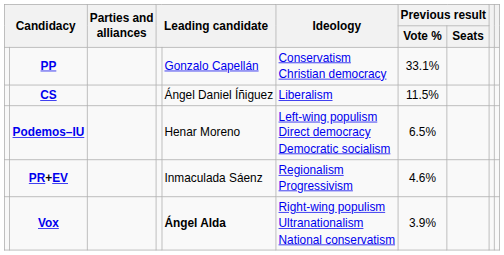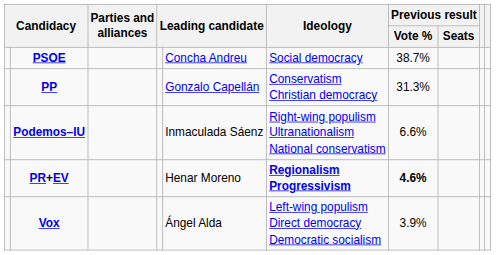 <table class="wikitable" style="line-height:1.35em; text-align:left;">
 <tr>
 <th colspan="2" rowspan="2">Candidacy</th>
 <th rowspan="2">Parties and<br>alliances</th>
 <th colspan="2" rowspan="2">Leading candidate</th>
 <th rowspan="2">Ideology</th>
 <th colspan="2">Previous result</th>
 <th rowspan="2"></th>
 <th rowspan="2"></th>
 </tr>
 <tr>
 <th>Vote %</th>
 <th>Seats</th>
 </tr>
 <tr>
+<td width="1" style="color:inherit;background:"></td>
+<td align="center"><strong><a href='#'>PSOE</a></strong></td>
+<td></td>
+<td></td>
+<td><a href='#'>Concha Andreu</a></td>
+<td><a href='#'>Social democracy</a></td>
+<td align="center">38.7%</td>
+<td></td>
+<td></td>
+<td></td>
+</tr>
+<tr>
 <td style="color:inherit;background:"></td>
 <td align="center"><strong><a href='#'>PP</a></strong></td>
 <td></td>
 <td></td>
 <td><a href='#'>Gonzalo Capellán</a></td>
 <td><a href='#'>Conservatism</a><br><a href='#'>Christian democracy</a></td>
-<td align="center">33.1%</td>
+<td align="center">31.3%</td>
 <td></td>
 <td></td>
 <td><br></td>
 </tr>
 <tr>
 <td style="color:inherit;background:"></td>
-<td align="center"><strong><a href='#'>CS</a></strong></td>
-<td></td>
-<td></td>
-<td>Ángel Daniel Íñiguez</td>
-<td><a href='#'>Liberalism</a></td>
-<td align="center">11.5%</td>
-<td></td>
-<td></td>
-<td></td>
-</tr>
-<tr>
-<td style="color:inherit;background:"></td>
 <td align="center"><strong><a href='#'>Podemos–IU</a></strong></td>
 <td></td>
 <td></td>
-<td>Henar Moreno</td>
-<td><a href='#'>Left-wing populism</a><br><a href='#'>Direct democracy</a><br><a href='#'>Democratic socialism</a></td>
-<td align="center">6.5%</td>
+<td>Inmaculada Sáenz</td>
+<td><a href='#'>Right-wing populism</a><br><a href='#'>Ultranationalism</a><br><a href='#'>National conservatism</a></td>
+<td align="center">6.6%</td>
 <td></td>
 <td></td>
 <td></td>
 </tr>
 <tr>
 <td style="color:inherit;background:"></td>
 <td align="center"><strong><a href='#'>PR</a>+<a href='#'>EV</a></strong></td>
 <td></td>
 <td></td>
-<td>Inmaculada Sáenz</td>
-<td><a href='#'>Regionalism</a><br><a href='#'>Progressivism</a></td>
-<td align="center">4.6%</td>
+<td>Henar Moreno</td>
+<td><strong><a href='#'>Regionalism</a><br><a href='#'>Progressivism</a></strong></td>
+<td align="center"><strong>4.6%</strong></td>
 <td></td>
 <td></td>
 <td><br><br></td>
 </tr>
 <tr>
 <td style="color:inherit;background:"></td>
 <td align="center"><strong><a href='#'>Vox</a></strong></td>
 <td></td>
 <td></td>
-<td><strong>Ángel Alda</strong></td>
-<td><a href='#'>Right-wing populism</a><br><a href='#'>Ultranationalism</a><br><a href='#'>National conservatism</a></td>
+<td>Ángel Alda</td>
+<td><a href='#'>Left-wing populism</a><br><a href='#'>Direct democracy</a><br><a href='#'>Democratic socialism</a></td>
 <td align="center">3.9%</td>
 <td></td>
 <td></td>
 <td></td>
 </tr>
 </table>
